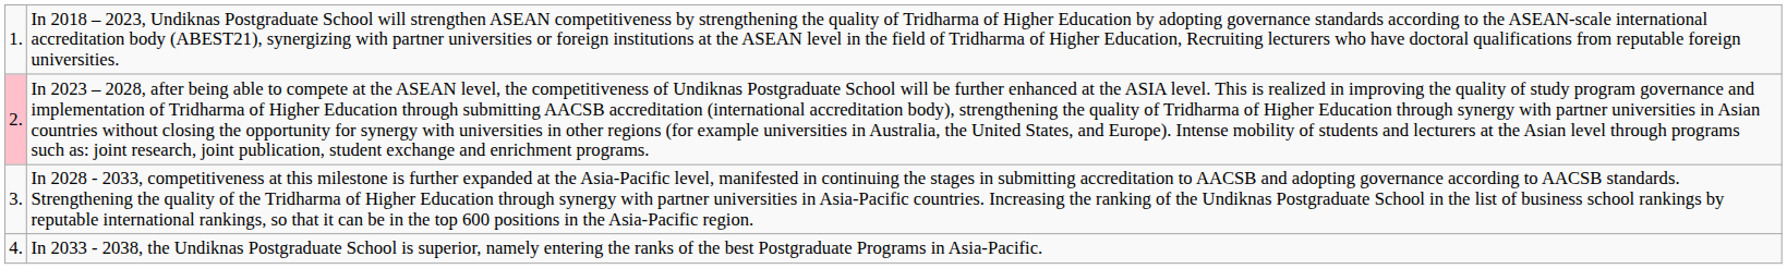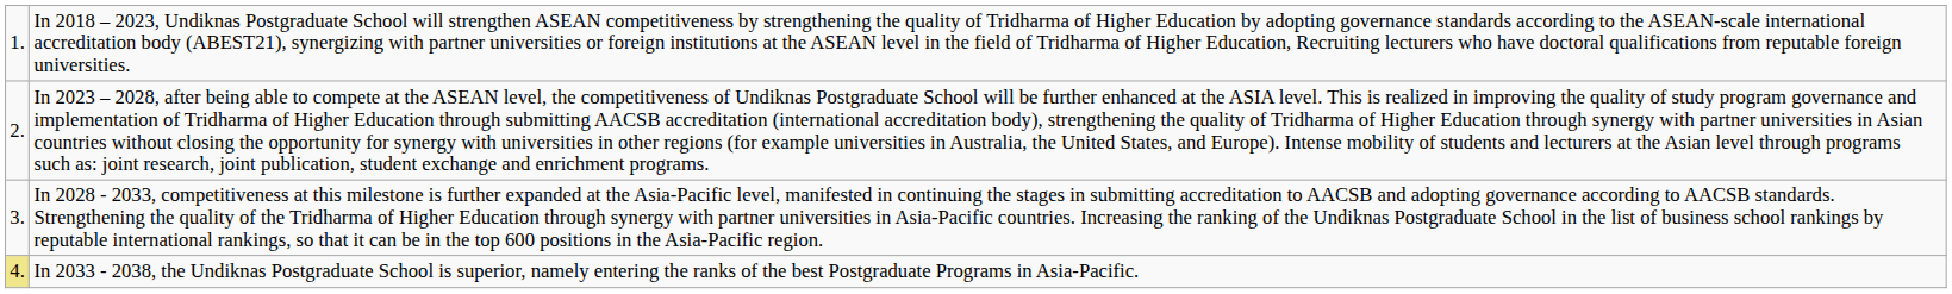 <table class="wikitable">
 <tr>
 <td>1.</td>
 <td>In 2018 – 2023, Undiknas Postgraduate School will strengthen ASEAN competitiveness by strengthening the quality of Tridharma of Higher Education by adopting governance standards according to the ASEAN-scale international accreditation body (ABEST21), synergizing with partner universities or foreign institutions at the ASEAN level in the field of Tridharma of Higher Education, Recruiting lecturers who have doctoral qualifications from reputable foreign universities.</td>
 </tr>
 <tr>
-<td style="background: pink;">2.</td>
+<td>2.</td>
 <td>In 2023 – 2028, after being able to compete at the ASEAN level, the competitiveness of Undiknas Postgraduate School will be further enhanced at the ASIA level. This is realized in improving the quality of study program governance and implementation of Tridharma of Higher Education through submitting AACSB accreditation (international accreditation body), strengthening the quality of Tridharma of Higher Education through synergy with partner universities in Asian countries without closing the opportunity for synergy with universities in other regions (for example universities in Australia, the United States, and Europe). Intense mobility of students and lecturers at the Asian level through programs such as: joint research, joint publication, student exchange and enrichment programs.</td>
 </tr>
 <tr>
 <td>3.</td>
 <td>In 2028 - 2033, competitiveness at this milestone is further expanded at the Asia-Pacific level, manifested in continuing the stages in submitting accreditation to AACSB and adopting governance according to AACSB standards. Strengthening the quality of the Tridharma of Higher Education through synergy with partner universities in Asia-Pacific countries. Increasing the ranking of the Undiknas Postgraduate School in the list of business school rankings by reputable international rankings, so that it can be in the top 600 positions in the Asia-Pacific region.</td>
 </tr>
 <tr>
-<td>4.</td>
+<td style="background: khaki;">4.</td>
 <td>In 2033 - 2038, the Undiknas Postgraduate School is superior, namely entering the ranks of the best Postgraduate Programs in Asia-Pacific.</td>
 </tr>
 </table>
